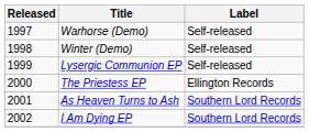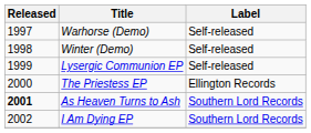 <table class="wikitable" style="font-size: 95%;">
 <tr>
 <th>Released</th>
 <th>Title</th>
 <th>Label</th>
 </tr>
 <tr>
 <td>1997</td>
 <td><em>Warhorse (Demo)</em></td>
 <td>Self-released</td>
 </tr>
 <tr>
 <td>1998</td>
 <td><em>Winter (Demo)</em></td>
 <td>Self-released</td>
 </tr>
 <tr>
 <td>1999</td>
 <td><em><a href='#'>Lysergic Communion EP</a></em></td>
 <td>Self-released</td>
 </tr>
 <tr>
 <td>2000</td>
 <td><em><a href='#'>The Priestess EP</a></em></td>
 <td>Ellington Records</td>
 </tr>
 <tr>
-<td>2001</td>
+<td><strong>2001</strong></td>
 <td><em><a href='#'>As Heaven Turns to Ash</a></em></td>
 <td><a href='#'>Southern Lord Records</a></td>
 </tr>
 <tr>
 <td>2002</td>
 <td><em><a href='#'>I Am Dying EP</a></em></td>
 <td><a href='#'>Southern Lord Records</a></td>
 </tr>
 <tr>
 </tr>
 </table>
